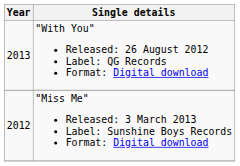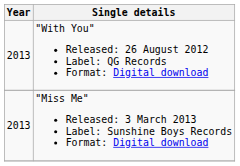 <table class="wikitable">
 <tr>
 <th>Year</th>
 <th>Single details</th>
 </tr>
 <tr>
 <td>2013</td>
 <td>"With You"<br><ul><li>Released: 26 August 2012</li><li>Label: QG Records</li><li>Format: <a href='#'>Digital download</a></li></ul></td>
 </tr>
 <tr>
 </tr>
 <tr>
-<td>2012</td>
+<td>2013</td>
 <td>"Miss Me"<br><ul><li>Released: 3 March 2013</li><li>Label: Sunshine Boys Records</li><li>Format: <a href='#'>Digital download</a></li></ul></td>
 </tr>
 <tr>
 </tr>
 </table>
